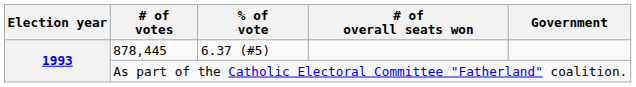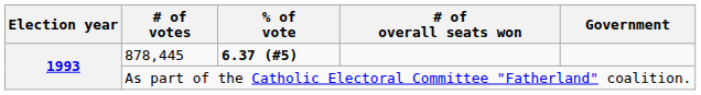 <table class=wikitable>
 <tr>
 <th>Election year</th>
 <th># of<br>votes</th>
 <th>% of<br>vote</th>
 <th># of<br>overall seats won</th>
 <th>Government</th>
 </tr>
 <tr>
 <th rowspan=2><a href='#'>1993</a></th>
 <td>878,445</td>
-<td>6.37 (#5)</td>
+<td><strong>6.37 (#5)</strong></td>
 <td></td>
 <td></td>
 </tr>
 <tr>
 <td colspan=4>As part of the <a href='#'>Catholic Electoral Committee "Fatherland"</a> coalition.</td>
 </tr>
 </table>
